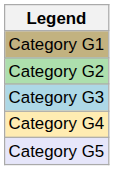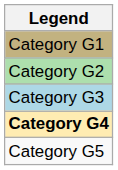 <table class="wikitable" style="font-size:85%;">
 <tr>
 <th>Legend</th>
 </tr>
 <tr bgcolor=#C2B280>
 <td>Category G1</td>
 </tr>
 <tr bgcolor="#ADDFAD">
 <td>Category G2</td>
 </tr>
 <tr bgcolor="lightblue">
 <td>Category G3</td>
 </tr>
 <tr bgcolor=#ffecb2>
-<td>Category G4</td>
+<td><strong>Category G4</strong></td>
 </tr>
 <tr>
-<td style="background: lavender;">Category G5</td>
+<td>Category G5</td>
 </tr>
 </table>
